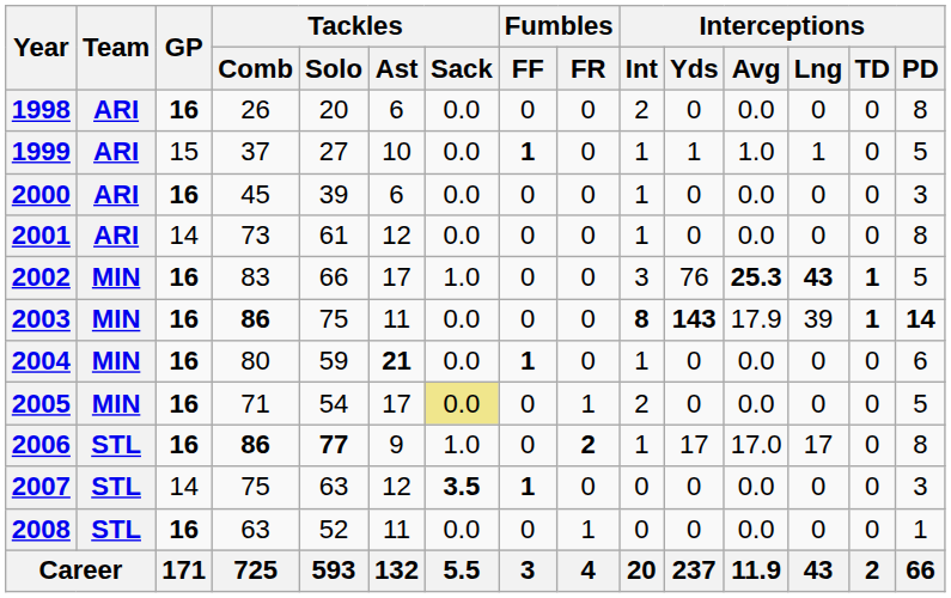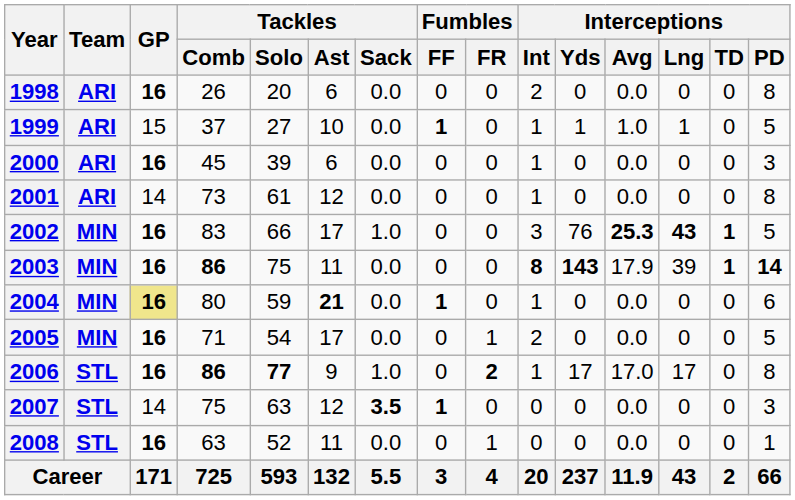 <table class="wikitable" style="text-align:center">
 <tr>
 <th rowspan="2">Year</th>
 <th rowspan="2">Team</th>
 <th rowspan="2">GP</th>
 <th colspan="4">Tackles</th>
 <th colspan="2">Fumbles</th>
 <th colspan="6">Interceptions</th>
 </tr>
 <tr>
 <th>Comb</th>
 <th>Solo</th>
 <th>Ast</th>
 <th>Sack</th>
 <th>FF</th>
 <th>FR</th>
 <th>Int</th>
 <th>Yds</th>
 <th>Avg</th>
 <th>Lng</th>
 <th>TD</th>
 <th>PD</th>
 </tr>
 <tr>
 <th><a href='#'>1998</a></th>
 <th><a href='#'>ARI</a></th>
 <td><strong>16</strong></td>
 <td>26</td>
 <td>20</td>
 <td>6</td>
 <td>0.0</td>
 <td>0</td>
 <td>0</td>
 <td>2</td>
 <td>0</td>
 <td>0.0</td>
 <td>0</td>
 <td>0</td>
 <td>8</td>
 </tr>
 <tr>
 <th><a href='#'>1999</a></th>
 <th><a href='#'>ARI</a></th>
 <td>15</td>
 <td>37</td>
 <td>27</td>
 <td>10</td>
 <td>0.0</td>
 <td><strong>1</strong></td>
 <td>0</td>
 <td>1</td>
 <td>1</td>
 <td>1.0</td>
 <td>1</td>
 <td>0</td>
 <td>5</td>
 </tr>
 <tr>
 <th><a href='#'>2000</a></th>
 <th><a href='#'>ARI</a></th>
 <td><strong>16</strong></td>
 <td>45</td>
 <td>39</td>
 <td>6</td>
 <td>0.0</td>
 <td>0</td>
 <td>0</td>
 <td>1</td>
 <td>0</td>
 <td>0.0</td>
 <td>0</td>
 <td>0</td>
 <td>3</td>
 </tr>
 <tr>
 <th><a href='#'>2001</a></th>
 <th><a href='#'>ARI</a></th>
 <td>14</td>
 <td>73</td>
 <td>61</td>
 <td>12</td>
 <td>0.0</td>
 <td>0</td>
 <td>0</td>
 <td>1</td>
 <td>0</td>
 <td>0.0</td>
 <td>0</td>
 <td>0</td>
 <td>8</td>
 </tr>
 <tr>
 <th><a href='#'>2002</a></th>
 <th><a href='#'>MIN</a></th>
 <td><strong>16</strong></td>
 <td>83</td>
 <td>66</td>
 <td>17</td>
 <td>1.0</td>
 <td>0</td>
 <td>0</td>
 <td>3</td>
 <td>76</td>
 <td><strong>25.3</strong></td>
 <td><strong>43</strong></td>
 <td><strong>1</strong></td>
 <td>5</td>
 </tr>
 <tr>
 <th><a href='#'>2003</a></th>
 <th><a href='#'>MIN</a></th>
 <td><strong>16</strong></td>
 <td><strong>86</strong></td>
 <td>75</td>
 <td>11</td>
 <td>0.0</td>
 <td>0</td>
 <td>0</td>
 <td><strong>8</strong></td>
 <td><strong>143</strong></td>
 <td>17.9</td>
 <td>39</td>
 <td><strong>1</strong></td>
 <td><strong>14</strong></td>
 </tr>
 <tr>
 <th><a href='#'>2004</a></th>
 <th><a href='#'>MIN</a></th>
-<td><strong>16</strong></td>
+<td style="background: khaki;"><strong>16</strong></td>
 <td>80</td>
 <td>59</td>
 <td><strong>21</strong></td>
 <td>0.0</td>
 <td><strong>1</strong></td>
 <td>0</td>
 <td>1</td>
 <td>0</td>
 <td>0.0</td>
 <td>0</td>
 <td>0</td>
 <td>6</td>
 </tr>
 <tr>
 <th><a href='#'>2005</a></th>
 <th><a href='#'>MIN</a></th>
 <td><strong>16</strong></td>
 <td>71</td>
 <td>54</td>
 <td>17</td>
-<td style="background: khaki;">0.0</td>
+<td>0.0</td>
 <td>0</td>
 <td>1</td>
 <td>2</td>
 <td>0</td>
 <td>0.0</td>
 <td>0</td>
 <td>0</td>
 <td>5</td>
 </tr>
 <tr>
 <th><a href='#'>2006</a></th>
 <th><a href='#'>STL</a></th>
 <td><strong>16</strong></td>
 <td><strong>86</strong></td>
 <td><strong>77</strong></td>
 <td>9</td>
 <td>1.0</td>
 <td>0</td>
 <td><strong>2</strong></td>
 <td>1</td>
 <td>17</td>
 <td>17.0</td>
 <td>17</td>
 <td>0</td>
 <td>8</td>
 </tr>
 <tr>
 <th><a href='#'>2007</a></th>
 <th><a href='#'>STL</a></th>
 <td>14</td>
 <td>75</td>
 <td>63</td>
 <td>12</td>
 <td><strong>3.5</strong></td>
 <td><strong>1</strong></td>
 <td>0</td>
 <td>0</td>
 <td>0</td>
 <td>0.0</td>
 <td>0</td>
 <td>0</td>
 <td>3</td>
 </tr>
 <tr>
 <th><a href='#'>2008</a></th>
 <th><a href='#'>STL</a></th>
 <td><strong>16</strong></td>
 <td>63</td>
 <td>52</td>
 <td>11</td>
 <td>0.0</td>
 <td>0</td>
 <td>1</td>
 <td>0</td>
 <td>0</td>
 <td>0.0</td>
 <td>0</td>
 <td>0</td>
 <td>1</td>
 </tr>
 <tr>
 <th colspan="2">Career</th>
 <th>171</th>
 <th>725</th>
 <th>593</th>
 <th>132</th>
 <th>5.5</th>
 <th>3</th>
 <th>4</th>
 <th>20</th>
 <th>237</th>
 <th>11.9</th>
 <th>43</th>
 <th>2</th>
 <th>66</th>
 </tr>
 </table>
